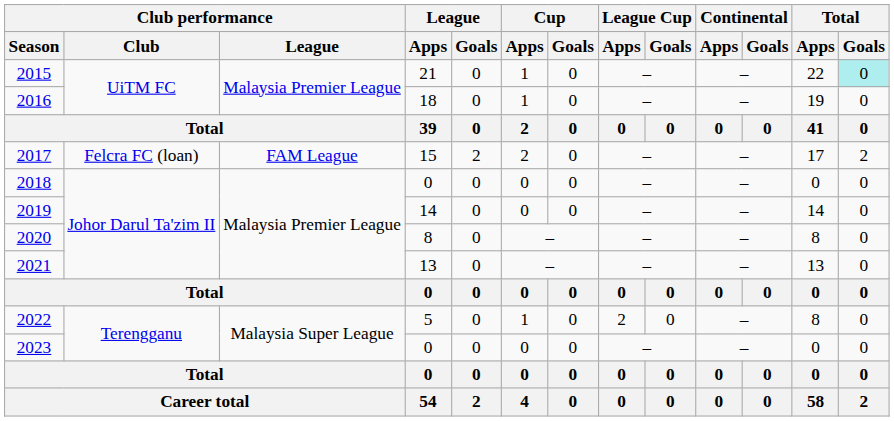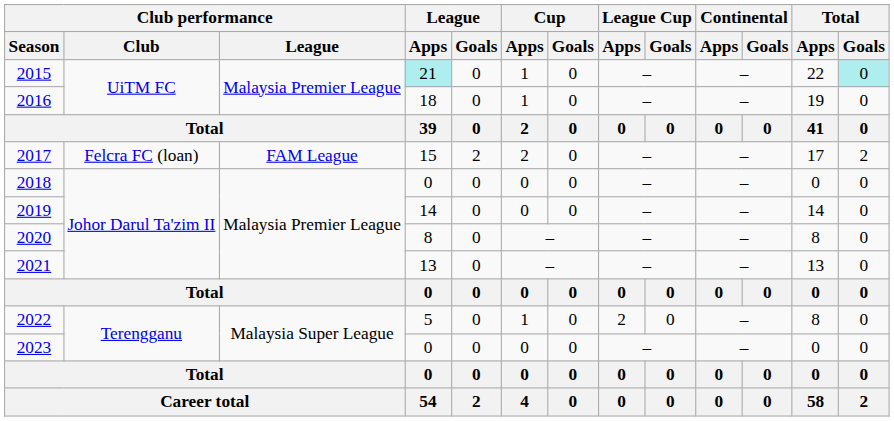 <table class="wikitable" style="text-align:center">
 <tr>
 <th colspan=3>Club performance</th>
 <th colspan=2>League</th>
 <th colspan=2>Cup</th>
 <th colspan=2>League Cup</th>
 <th colspan=2>Continental</th>
 <th colspan=2>Total</th>
 </tr>
 <tr>
 <th>Season</th>
 <th>Club</th>
 <th>League</th>
 <th>Apps</th>
 <th>Goals</th>
 <th>Apps</th>
 <th>Goals</th>
 <th>Apps</th>
 <th>Goals</th>
 <th>Apps</th>
 <th>Goals</th>
 <th>Apps</th>
 <th>Goals</th>
 </tr>
 <tr>
 <td><a href='#'>2015</a></td>
 <td rowspan="2"><a href='#'>UiTM FC</a></td>
 <td rowspan="2"><a href='#'>Malaysia Premier League</a></td>
-<td>21</td>
+<td style="background: paleturquoise;">21</td>
 <td>0</td>
 <td>1</td>
 <td>0</td>
 <td colspan="2">–</td>
 <td colspan="2">–</td>
 <td>22</td>
 <td style="background: paleturquoise;">0</td>
 </tr>
 <tr>
 <td><a href='#'>2016</a></td>
 <td>18</td>
 <td>0</td>
 <td>1</td>
 <td>0</td>
 <td colspan="2">–</td>
 <td colspan="2">–</td>
 <td>19</td>
 <td>0</td>
 </tr>
 <tr>
 <th colspan=3>Total</th>
 <th>39</th>
 <th>0</th>
 <th>2</th>
 <th>0</th>
 <th>0</th>
 <th>0</th>
 <th>0</th>
 <th>0</th>
 <th>41</th>
 <th>0</th>
 </tr>
 <tr>
 <td><a href='#'>2017</a></td>
 <td rowspan="1"><a href='#'>Felcra FC</a> (loan)</td>
 <td rowspan="1"><a href='#'>FAM League</a></td>
 <td>15</td>
 <td>2</td>
 <td>2</td>
 <td>0</td>
 <td colspan="2">–</td>
 <td colspan="2">–</td>
 <td>17</td>
 <td>2</td>
 </tr>
 <tr>
 <td><a href='#'>2018</a></td>
 <td rowspan="4"><a href='#'>Johor Darul Ta'zim II</a></td>
 <td rowspan="4">Malaysia Premier League</td>
 <td>0</td>
 <td>0</td>
 <td>0</td>
 <td>0</td>
 <td colspan="2">–</td>
 <td colspan="2">–</td>
 <td>0</td>
 <td>0</td>
 </tr>
 <tr>
 <td><a href='#'>2019</a></td>
 <td>14</td>
 <td>0</td>
 <td>0</td>
 <td>0</td>
 <td colspan="2">–</td>
 <td colspan="2">–</td>
 <td>14</td>
 <td>0</td>
 </tr>
 <tr>
 <td><a href='#'>2020</a></td>
 <td>8</td>
 <td>0</td>
 <td colspan="2">–</td>
 <td colspan="2">–</td>
 <td colspan="2">–</td>
 <td>8</td>
 <td>0</td>
 </tr>
 <tr>
 <td><a href='#'>2021</a></td>
 <td>13</td>
 <td>0</td>
 <td colspan="2">–</td>
 <td colspan="2">–</td>
 <td colspan="2">–</td>
 <td>13</td>
 <td>0</td>
 </tr>
 <tr>
 <th colspan=3>Total</th>
 <th>0</th>
 <th>0</th>
 <th>0</th>
 <th>0</th>
 <th>0</th>
 <th>0</th>
 <th>0</th>
 <th>0</th>
 <th>0</th>
 <th>0</th>
 </tr>
 <tr>
 <td><a href='#'>2022</a></td>
 <td rowspan="2"><a href='#'>Terengganu</a></td>
 <td rowspan="2">Malaysia Super League</td>
 <td>5</td>
 <td>0</td>
 <td>1</td>
 <td>0</td>
 <td>2</td>
 <td>0</td>
 <td colspan="2">–</td>
 <td>8</td>
 <td>0</td>
 </tr>
 <tr>
 <td><a href='#'>2023</a></td>
 <td>0</td>
 <td>0</td>
 <td>0</td>
 <td>0</td>
 <td colspan="2">–</td>
 <td colspan="2">–</td>
 <td>0</td>
 <td>0</td>
 </tr>
 <tr>
 <th colspan=3>Total</th>
 <th>0</th>
 <th>0</th>
 <th>0</th>
 <th>0</th>
 <th>0</th>
 <th>0</th>
 <th>0</th>
 <th>0</th>
 <th>0</th>
 <th>0</th>
 </tr>
 <tr>
 <th colspan=3>Career total</th>
 <th>54</th>
 <th>2</th>
 <th>4</th>
 <th>0</th>
 <th>0</th>
 <th>0</th>
 <th>0</th>
 <th>0</th>
 <th>58</th>
 <th>2</th>
 </tr>
 </table>
